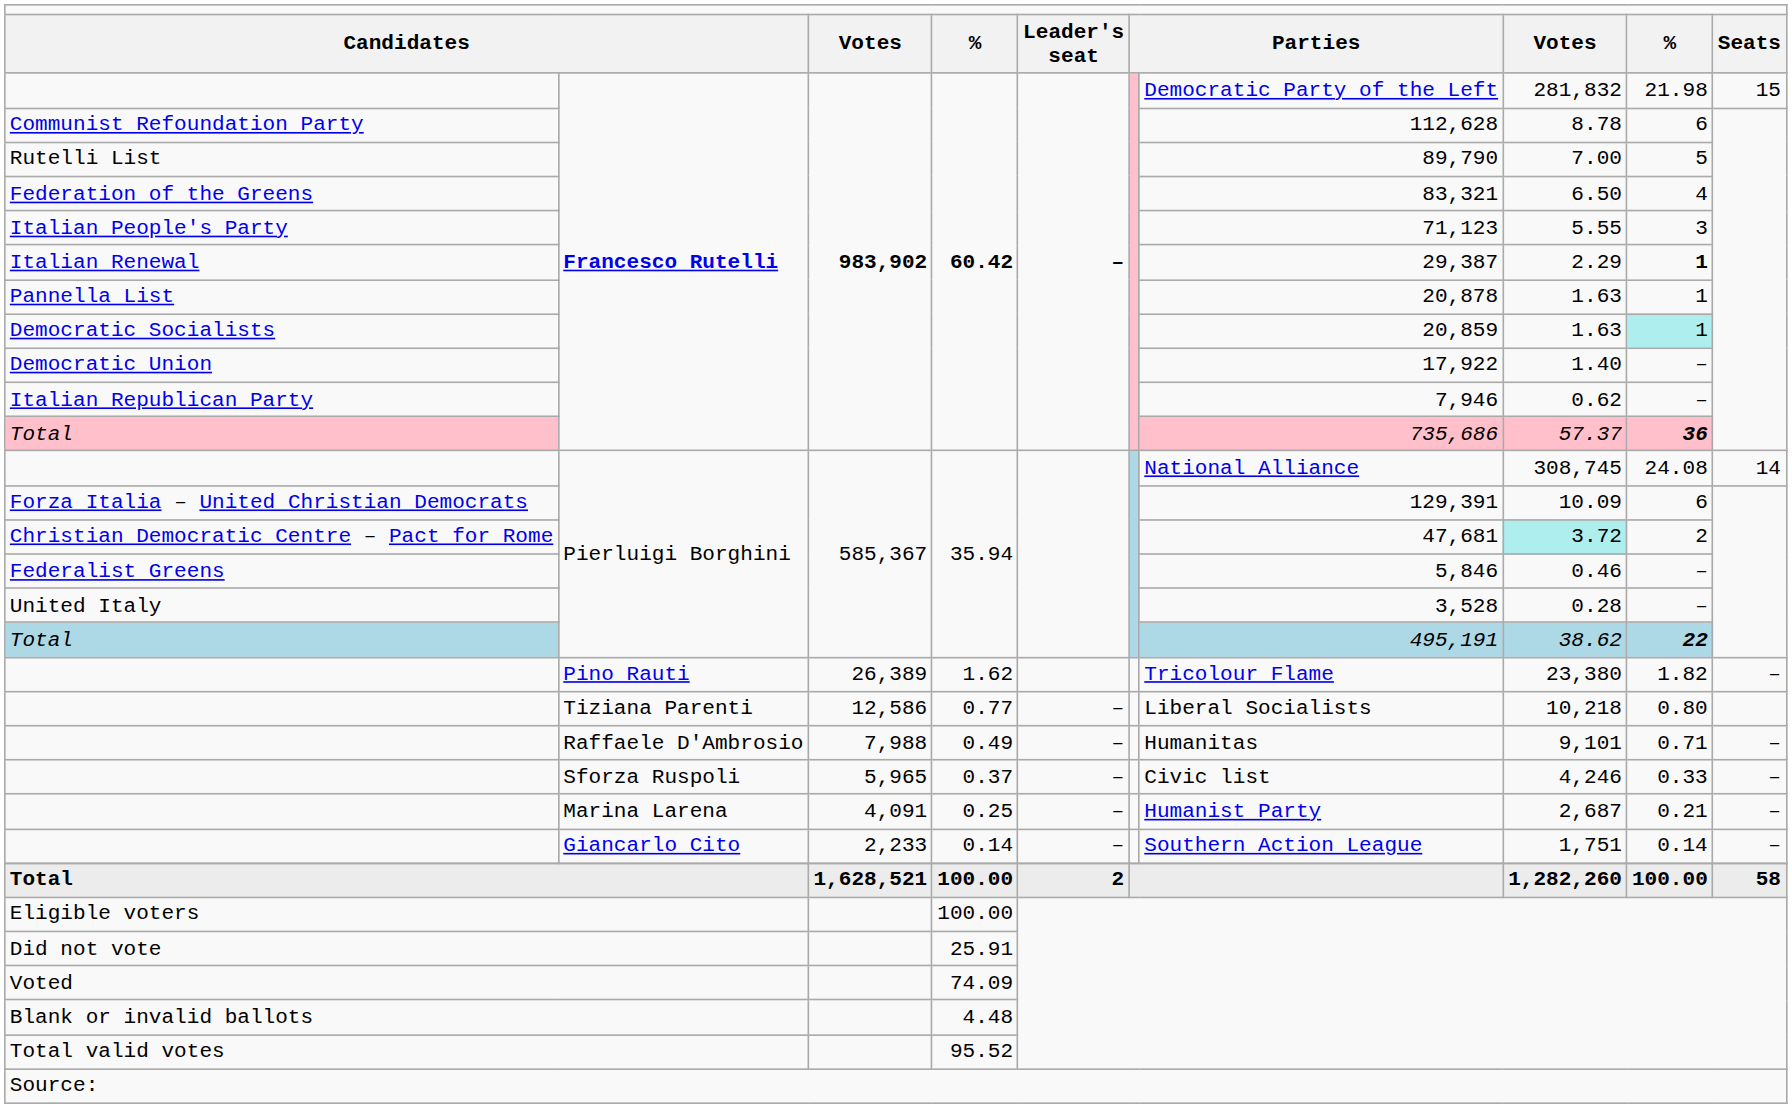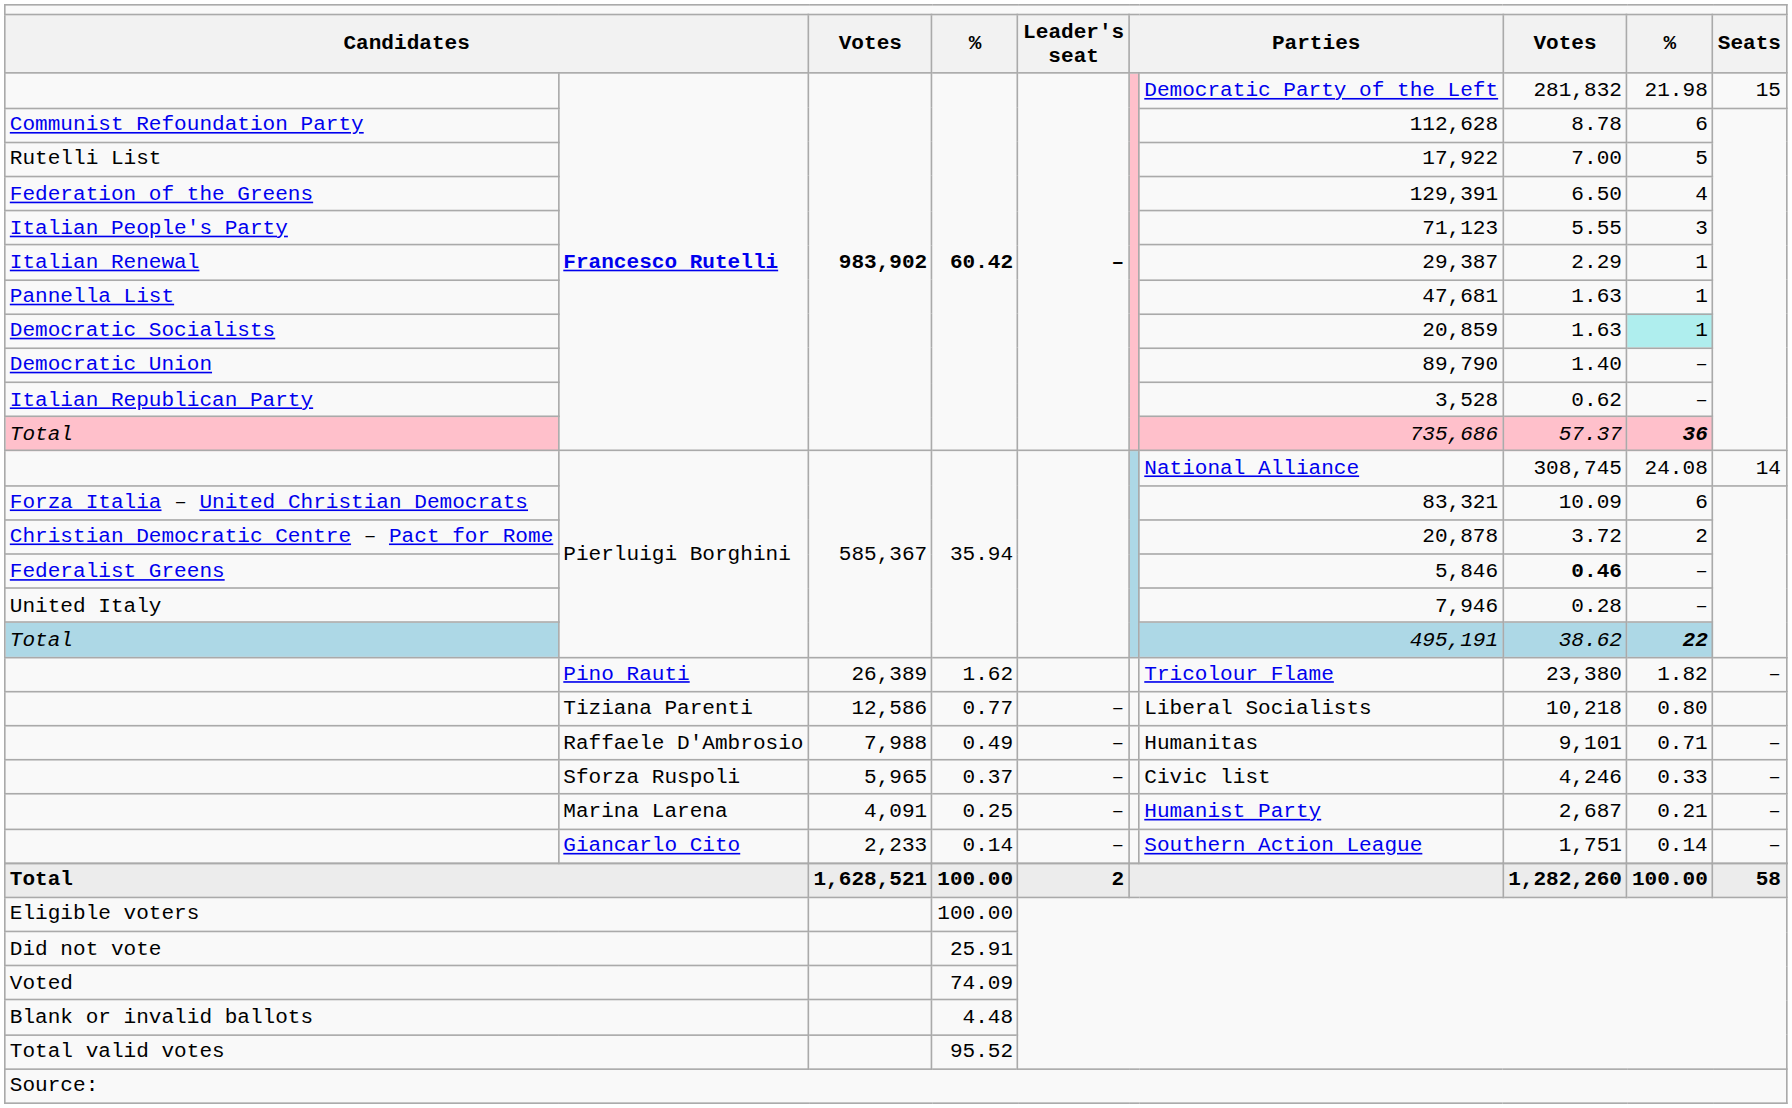 <table class="wikitable" style="text-align:left">
 <tr>
 <td colspan="10"></td>
 </tr>
 <tr>
 <th colspan=2>Candidates</th>
 <th>Votes</th>
 <th>%</th>
 <th>Leader's<br>seat</th>
 <th colspan=2>Parties</th>
 <th>Votes</th>
 <th>%</th>
 <th>Seats</th>
 </tr>
 <tr>
 <td></td>
 <td rowspan=11><strong><a href='#'>Francesco Rutelli</a></strong></td>
 <td rowspan=11 align=right><strong>983,902</strong></td>
 <td rowspan=11 align=right><strong>60.42</strong></td>
 <td rowspan=11 align=right><strong>–</strong></td>
 <td rowspan=11 bgcolor="pink"></td>
 <td><a href='#'>Democratic Party of the Left</a></td>
 <td align=right>281,832</td>
 <td align=right>21.98</td>
 <td align=right>15</td>
 </tr>
 <tr>
 <td><a href='#'>Communist Refoundation Party</a></td>
 <td align=right>112,628</td>
 <td align=right>8.78</td>
 <td align=right>6</td>
 </tr>
 <tr>
 <td>Rutelli List</td>
-<td align=right>89,790</td>
+<td align=right>17,922</td>
 <td align=right>7.00</td>
 <td align=right>5</td>
 </tr>
 <tr>
 <td><a href='#'>Federation of the Greens</a></td>
-<td align=right>83,321</td>
+<td align=right>129,391</td>
 <td align=right>6.50</td>
 <td align=right>4</td>
 </tr>
 <tr>
 <td><a href='#'>Italian People's Party</a></td>
 <td align=right>71,123</td>
 <td align=right>5.55</td>
 <td align=right>3</td>
 </tr>
 <tr>
 <td><a href='#'>Italian Renewal</a></td>
 <td align=right>29,387</td>
 <td align=right>2.29</td>
-<td align=right><strong>1</strong></td>
+<td align=right>1</td>
 </tr>
 <tr>
 <td><a href='#'>Pannella List</a></td>
-<td align=right>20,878</td>
+<td align=right>47,681</td>
 <td align=right>1.63</td>
 <td align=right>1</td>
 </tr>
 <tr>
 <td><a href='#'>Democratic Socialists</a></td>
 <td align=right>20,859</td>
 <td align=right>1.63</td>
 <td align=right style="background: paleturquoise;">1</td>
 </tr>
 <tr>
 <td><a href='#'>Democratic Union</a></td>
-<td align=right>17,922</td>
+<td align=right>89,790</td>
 <td align=right>1.40</td>
 <td align=right>–</td>
 </tr>
 <tr>
 <td><a href='#'>Italian Republican Party</a></td>
-<td align=right>7,946</td>
+<td align=right>3,528</td>
 <td align=right>0.62</td>
 <td align=right>–</td>
 </tr>
 <tr>
 <td bgcolor="pink"><em>Total</em></td>
 <td bgcolor="pink" align=right><em>735,686</em></td>
 <td bgcolor="pink" align=right><em>57.37</em></td>
 <td bgcolor="pink" align=right><strong><em>36</em></strong></td>
 </tr>
 <tr>
 <td></td>
 <td rowspan=6>Pierluigi Borghini</td>
 <td rowspan=6 align=right>585,367</td>
 <td rowspan=6 align=right>35.94</td>
 <td rowspan=6 align=right></td>
 <td rowspan=6 bgcolor="lightblue"></td>
 <td><a href='#'>National Alliance</a></td>
 <td align=right>308,745</td>
 <td align=right>24.08</td>
 <td align=right>14</td>
 </tr>
 <tr>
 <td><a href='#'>Forza Italia</a> – <a href='#'>United Christian Democrats</a></td>
-<td align=right>129,391</td>
+<td align=right>83,321</td>
 <td align=right>10.09</td>
 <td align=right>6</td>
 </tr>
 <tr>
 <td><a href='#'>Christian Democratic Centre</a> – <a href='#'>Pact for Rome</a></td>
-<td align=right>47,681</td>
-<td align=right style="background: paleturquoise;">3.72</td>
+<td align=right>20,878</td>
+<td align=right>3.72</td>
 <td align=right>2</td>
 </tr>
 <tr>
 <td><a href='#'>Federalist Greens</a></td>
 <td align=right>5,846</td>
-<td align=right>0.46</td>
+<td align=right><strong>0.46</strong></td>
 <td align=right>–</td>
 </tr>
 <tr>
 <td>United Italy</td>
-<td align=right>3,528</td>
+<td align=right>7,946</td>
 <td align=right>0.28</td>
 <td align=right>–</td>
 </tr>
 <tr>
 <td bgcolor="lightblue"><em>Total</em></td>
 <td bgcolor="lightblue" align=right><em>495,191</em></td>
 <td bgcolor="lightblue" align=right><em>38.62</em></td>
 <td bgcolor="lightblue" align=right><strong><em>22</em></strong></td>
 </tr>
 <tr>
 <td></td>
 <td><a href='#'>Pino Rauti</a></td>
 <td align=right>26,389</td>
 <td align=right>1.62</td>
 <td align=right></td>
 <td></td>
 <td><a href='#'>Tricolour Flame</a></td>
 <td align=right>23,380</td>
 <td align=right>1.82</td>
 <td align=right>–</td>
 </tr>
 <tr>
 <td></td>
 <td>Tiziana Parenti</td>
 <td align=right>12,586</td>
 <td align=right>0.77</td>
 <td align=right>–</td>
 <td></td>
 <td>Liberal Socialists</td>
 <td align=right>10,218</td>
 <td align=right>0.80</td>
 <td align=right></td>
 </tr>
 <tr>
 <td></td>
 <td>Raffaele D'Ambrosio</td>
 <td align=right>7,988</td>
 <td align=right>0.49</td>
 <td align=right>–</td>
 <td></td>
 <td>Humanitas</td>
 <td align=right>9,101</td>
 <td align=right>0.71</td>
 <td align=right>–</td>
 </tr>
 <tr>
 <td></td>
 <td>Sforza Ruspoli</td>
 <td align=right>5,965</td>
 <td align=right>0.37</td>
 <td align=right>–</td>
 <td></td>
 <td>Civic list</td>
 <td align=right>4,246</td>
 <td align=right>0.33</td>
 <td align=right>–</td>
 </tr>
 <tr>
 <td></td>
 <td>Marina Larena</td>
 <td align=right>4,091</td>
 <td align=right>0.25</td>
 <td align=right>–</td>
 <td></td>
 <td><a href='#'>Humanist Party</a></td>
 <td align=right>2,687</td>
 <td align=right>0.21</td>
 <td align=right>–</td>
 </tr>
 <tr>
 <td></td>
 <td><a href='#'>Giancarlo Cito</a></td>
 <td align=right>2,233</td>
 <td align=right>0.14</td>
 <td align=right>–</td>
 <td></td>
 <td><a href='#'>Southern Action League</a></td>
 <td align=right>1,751</td>
 <td align=right>0.14</td>
 <td align=right>–</td>
 </tr>
 <tr>
 </tr>
 <tr bgcolor=ececec>
 <td colspan="2"><strong>Total</strong></td>
 <td align=right><strong>1,628,521</strong></td>
 <td align=right><strong>100.00</strong></td>
 <td align=right><strong>2</strong></td>
 <td align=right colspan=2></td>
 <td align=right><strong>1,282,260</strong></td>
 <td align=right><strong>100.00</strong></td>
 <td align=right><strong>58</strong></td>
 </tr>
 <tr>
 <td colspan=2>Eligible voters</td>
 <td style="text-align: right"></td>
 <td style="text-align: right">100.00</td>
 <td rowspan=5 colspan=6></td>
 </tr>
 <tr>
 <td colspan=2>Did not vote</td>
 <td style="text-align: right"></td>
 <td style="text-align: right">25.91</td>
 </tr>
 <tr>
 <td colspan=2>Voted</td>
 <td style="text-align: right"></td>
 <td style="text-align: right">74.09</td>
 </tr>
 <tr>
 <td colspan=2>Blank or invalid ballots</td>
 <td style="text-align: right"></td>
 <td style="text-align: right">4.48</td>
 </tr>
 <tr>
 <td colspan=2>Total valid votes</td>
 <td style="text-align: right"></td>
 <td style="text-align: right">95.52</td>
 </tr>
 <tr>
 <td style="text-align:left;" colspan="10">Source: </td>
 </tr>
 </table>
